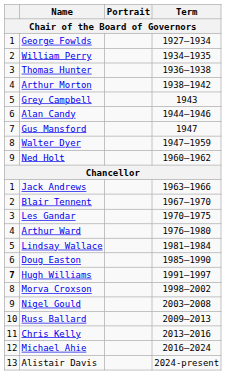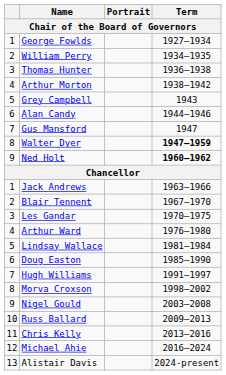 <table class="wikitable">
 <tr>
 <th></th>
 <th>Name</th>
 <th>Portrait</th>
 <th>Term</th>
 </tr>
 <tr>
 <th colspan=4>Chair of the Board of Governors</th>
 </tr>
 <tr>
 <td align=center>1</td>
 <td><a href='#'>George Fowlds</a></td>
 <td></td>
 <td align=center>1927–1934</td>
 </tr>
 <tr>
 <td align=center>2</td>
 <td><a href='#'>William Perry</a></td>
 <td></td>
 <td align=center>1934–1935</td>
 </tr>
 <tr>
 <td align=center>3</td>
 <td><a href='#'>Thomas Hunter</a></td>
 <td></td>
 <td align=center>1936–1938</td>
 </tr>
 <tr>
 <td align=center>4</td>
 <td><a href='#'>Arthur Morton</a></td>
 <td></td>
 <td align=center>1938–1942</td>
 </tr>
 <tr>
 <td align=center>5</td>
 <td><a href='#'>Grey Campbell</a></td>
 <td></td>
 <td align=center>1943</td>
 </tr>
 <tr>
 <td align=center>6</td>
 <td><a href='#'>Alan Candy</a></td>
 <td></td>
 <td align=center>1944–1946</td>
 </tr>
 <tr>
 <td align=center>7</td>
 <td><a href='#'>Gus Mansford</a></td>
 <td></td>
 <td align=center>1947</td>
 </tr>
 <tr>
 <td align=center>8</td>
 <td><a href='#'>Walter Dyer</a></td>
 <td></td>
-<td align=center>1947–1959</td>
+<td align=center><strong>1947–1959</strong></td>
 </tr>
 <tr>
 <td align=center>9</td>
 <td><a href='#'>Ned Holt</a></td>
 <td></td>
-<td align=center>1960–1962</td>
+<td align=center><strong>1960–1962</strong></td>
 </tr>
 <tr>
 <th colspan=4>Chancellor</th>
 </tr>
 <tr>
 <td align=center>1</td>
 <td><a href='#'>Jack Andrews</a></td>
 <td></td>
 <td align=center>1963–1966</td>
 </tr>
 <tr>
 <td align=center>2</td>
 <td><a href='#'>Blair Tennent</a></td>
 <td></td>
 <td align=center>1967–1970</td>
 </tr>
 <tr>
 <td align=center>3</td>
 <td><a href='#'>Les Gandar</a></td>
 <td></td>
 <td align=center>1970–1975</td>
 </tr>
 <tr>
 <td align=center>4</td>
 <td><a href='#'>Arthur Ward</a></td>
 <td></td>
 <td align=center>1976–1980</td>
 </tr>
 <tr>
 <td align=center>5</td>
 <td><a href='#'>Lindsay Wallace</a></td>
 <td></td>
 <td align=center>1981–1984</td>
 </tr>
 <tr>
 <td align=center>6</td>
 <td><a href='#'>Doug Easton</a></td>
 <td></td>
 <td align=center>1985–1990</td>
 </tr>
 <tr>
-<td align=center><strong>7</strong></td>
+<td align=center>7</td>
 <td><a href='#'>Hugh Williams</a></td>
 <td></td>
 <td align=center>1991–1997</td>
 </tr>
 <tr>
 <td align=center>8</td>
 <td><a href='#'>Morva Croxson</a></td>
 <td></td>
 <td align=center>1998–2002</td>
 </tr>
 <tr>
 <td align=center>9</td>
 <td><a href='#'>Nigel Gould</a></td>
 <td></td>
 <td align=center>2003–2008</td>
 </tr>
 <tr>
 <td align=center>10</td>
 <td><a href='#'>Russ Ballard</a></td>
 <td></td>
 <td align=center>2009–2013</td>
 </tr>
 <tr>
 <td align=center>11</td>
 <td><a href='#'>Chris Kelly</a></td>
 <td></td>
 <td align=center>2013–2016</td>
 </tr>
 <tr>
 <td align=center>12</td>
 <td><a href='#'>Michael Ahie</a></td>
 <td></td>
 <td align=center>2016–2024</td>
 </tr>
 <tr>
 <td align=center>13</td>
 <td>Alistair Davis</td>
 <td></td>
 <td align=center>2024-present</td>
 </tr>
 </table>
